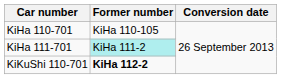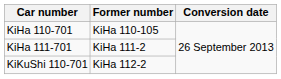 <table class="wikitable">
 <tr>
 <th>Car number</th>
 <th>Former number</th>
 <th>Conversion date</th>
 </tr>
 <tr>
 <td>KiHa 110-701</td>
 <td>KiHa 110-105</td>
 <td rowspan= 3>26 September 2013</td>
 </tr>
 <tr>
 <td>KiHa 111-701</td>
-<td style="background: paleturquoise;">KiHa 111-2</td>
+<td>KiHa 111-2</td>
 </tr>
 <tr>
 <td>KiKuShi 110-701</td>
-<td><strong>KiHa 112-2</strong></td>
+<td>KiHa 112-2</td>
 </tr>
 </table>
